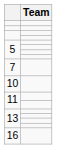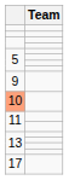 <table class=wikitable style="text-align:center;">
 <tr>
 <th></th>
 <th>Team</th>
 </tr>
 <tr>
 <td></td>
 <td style="text-align:left;"></td>
 </tr>
 <tr>
 <td></td>
 <td style="text-align:left;"></td>
 </tr>
 <tr>
 <td rowspan=2></td>
 <td style="text-align:left;"></td>
 </tr>
 <tr>
 <td style="text-align:left;"></td>
 </tr>
 <tr>
 <td rowspan=4>5</td>
 <td style="text-align:left;"></td>
 </tr>
 <tr>
 <td style="text-align:left;"></td>
 </tr>
 <tr>
 <td style="text-align:left;"></td>
 </tr>
 <tr>
 <td style="text-align:left;"></td>
 </tr>
 <tr>
-<td>7</td>
+<td>9</td>
 <td style="text-align:left;"></td>
 </tr>
 <tr>
-<td>10</td>
+<td style="background: lightsalmon;">10</td>
 <td style="text-align:left;"></td>
 </tr>
 <tr>
 <td rowspan=2>11</td>
 <td style="text-align:left;"></td>
 </tr>
 <tr>
 <td style="text-align:left;"></td>
 </tr>
 <tr>
 <td rowspan=4>13</td>
 <td style="text-align:left;"></td>
 </tr>
 <tr>
 <td style="text-align:left;"></td>
 </tr>
 <tr>
 <td style="text-align:left;"></td>
 </tr>
 <tr>
 <td style="text-align:left;"></td>
 </tr>
 <tr>
-<td>16</td>
+<td>17</td>
 <td style="text-align:left;"></td>
 </tr>
 </table>
